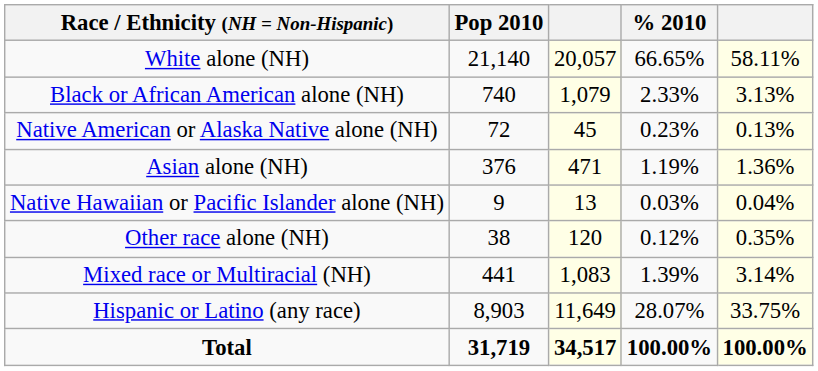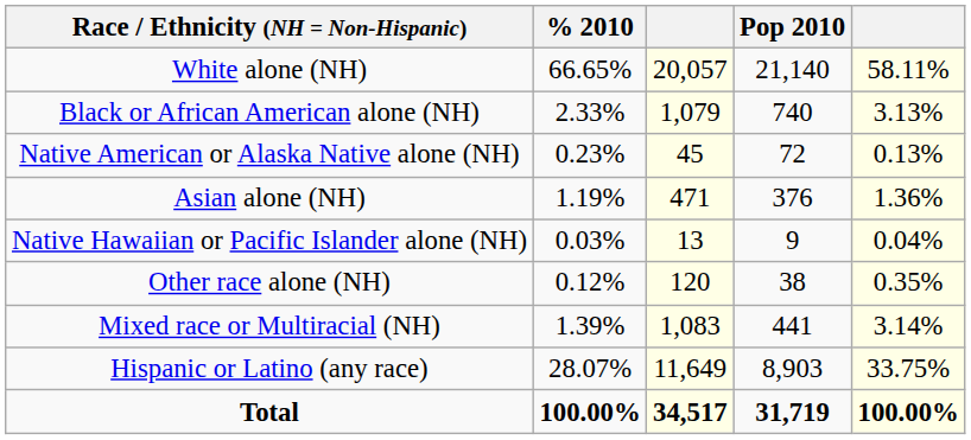 <table class="wikitable" style="text-align:center;">
 <tr>
 <th>Race / Ethnicity <small>(<em>NH = Non-Hispanic</em>)</small></th>
+<th>% 2010</th>
+<th></th>
 <th>Pop 2010</th>
-<th></th>
-<th>% 2010</th>
 <th></th>
 </tr>
 <tr>
 <td><a href='#'>White</a> alone (NH)</td>
+<td>66.65%</td>
+<td style='background: #ffffe6;'>20,057</td>
 <td>21,140</td>
-<td style='background: #ffffe6;'>20,057</td>
-<td>66.65%</td>
 <td style='background: #ffffe6;'>58.11%</td>
 </tr>
 <tr>
 <td><a href='#'>Black or African American</a> alone (NH)</td>
+<td>2.33%</td>
+<td style='background: #ffffe6;'>1,079</td>
 <td>740</td>
-<td style='background: #ffffe6;'>1,079</td>
-<td>2.33%</td>
 <td style='background: #ffffe6;'>3.13%</td>
 </tr>
 <tr>
 <td><a href='#'>Native American</a> or <a href='#'>Alaska Native</a> alone (NH)</td>
+<td>0.23%</td>
+<td style='background: #ffffe6;'>45</td>
 <td>72</td>
-<td style='background: #ffffe6;'>45</td>
-<td>0.23%</td>
 <td style='background: #ffffe6;'>0.13%</td>
 </tr>
 <tr>
 <td><a href='#'>Asian</a> alone (NH)</td>
+<td>1.19%</td>
+<td style='background: #ffffe6;'>471</td>
 <td>376</td>
-<td style='background: #ffffe6;'>471</td>
-<td>1.19%</td>
 <td style='background: #ffffe6;'>1.36%</td>
 </tr>
 <tr>
 <td><a href='#'>Native Hawaiian</a> or <a href='#'>Pacific Islander</a> alone (NH)</td>
+<td>0.03%</td>
+<td style='background: #ffffe6;'>13</td>
 <td>9</td>
-<td style='background: #ffffe6;'>13</td>
-<td>0.03%</td>
 <td style='background: #ffffe6;'>0.04%</td>
 </tr>
 <tr>
 <td><a href='#'>Other race</a> alone (NH)</td>
+<td>0.12%</td>
+<td style='background: #ffffe6;'>120</td>
 <td>38</td>
-<td style='background: #ffffe6;'>120</td>
-<td>0.12%</td>
 <td style='background: #ffffe6;'>0.35%</td>
 </tr>
 <tr>
 <td><a href='#'>Mixed race or Multiracial</a> (NH)</td>
+<td>1.39%</td>
+<td style='background: #ffffe6;'>1,083</td>
 <td>441</td>
-<td style='background: #ffffe6;'>1,083</td>
-<td>1.39%</td>
 <td style='background: #ffffe6;'>3.14%</td>
 </tr>
 <tr>
 <td><a href='#'>Hispanic or Latino</a> (any race)</td>
+<td>28.07%</td>
+<td style='background: #ffffe6;'>11,649</td>
 <td>8,903</td>
-<td style='background: #ffffe6;'>11,649</td>
-<td>28.07%</td>
 <td style='background: #ffffe6;'>33.75%</td>
 </tr>
 <tr>
 <td><strong>Total</strong></td>
+<td><strong>100.00%</strong></td>
+<td style='background: #ffffe6;'><strong>34,517</strong></td>
 <td><strong>31,719</strong></td>
-<td style='background: #ffffe6;'><strong>34,517</strong></td>
-<td><strong>100.00%</strong></td>
 <td style='background: #ffffe6;'><strong>100.00%</strong></td>
 </tr>
 </table>
